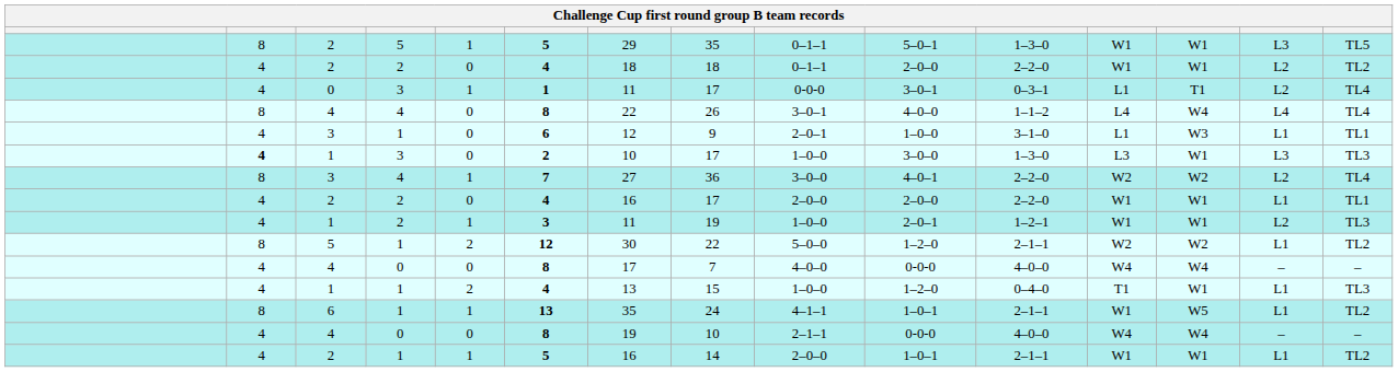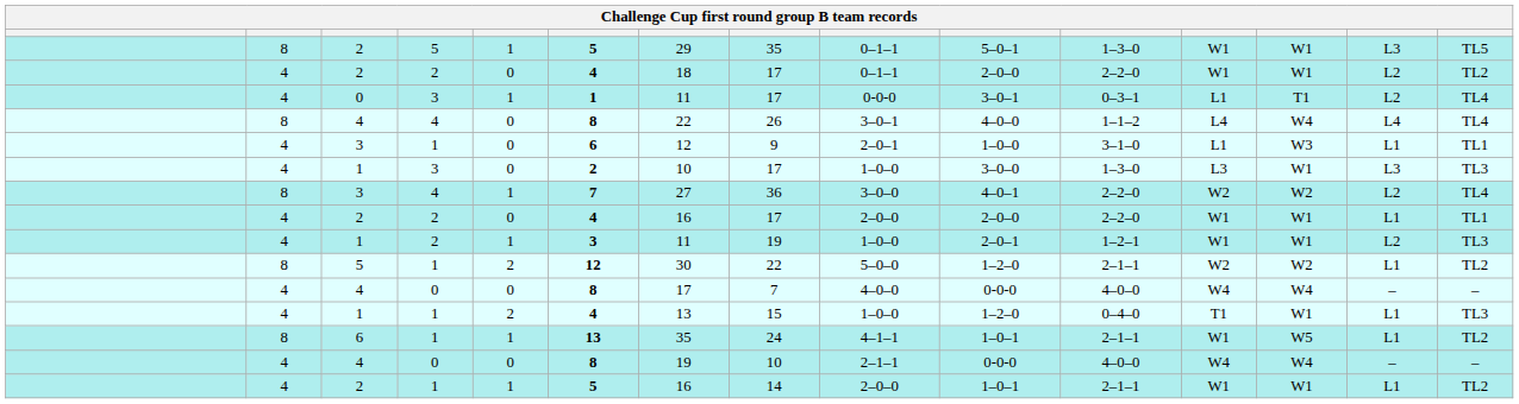 <table class="wikitable collapsible collapsed" style="width: 100%">
 <tr>
 <th colspan=15>Challenge Cup first round group B team records</th>
 </tr>
 <tr>
 <th width="16%"></th>
 <th width="5%"></th>
 <th width="5%"></th>
 <th width="5%"></th>
 <th width="5%"></th>
 <th width="6%"></th>
 <th width="6%"></th>
 <th width="6%"></th>
 <th width="8%"></th>
 <th width="8%"></th>
 <th width="8%"></th>
 <th width="5%"></th>
 <th width="6%"></th>
 <th width="6%"></th>
 <th width="5%"></th>
 </tr>
 <tr align=center bgcolor="#afeeee">
 <td align=left></td>
 <td>8</td>
 <td>2</td>
 <td>5</td>
 <td>1</td>
 <td><strong>5</strong></td>
 <td>29</td>
 <td>35</td>
 <td>0–1–1</td>
 <td>5–0–1</td>
 <td>1–3–0</td>
 <td>W1</td>
 <td>W1</td>
 <td>L3</td>
 <td>TL5</td>
 </tr>
 <tr align=center bgcolor="#afeeee">
 <td align=left></td>
 <td>4</td>
 <td>2</td>
 <td>2</td>
 <td>0</td>
 <td><strong>4</strong></td>
 <td>18</td>
-<td>18</td>
+<td>17</td>
 <td>0–1–1</td>
 <td>2–0–0</td>
 <td>2–2–0</td>
 <td>W1</td>
 <td>W1</td>
 <td>L2</td>
 <td>TL2</td>
 </tr>
 <tr align=center bgcolor="#afeeee">
 <td align=left></td>
 <td>4</td>
 <td>0</td>
 <td>3</td>
 <td>1</td>
 <td><strong>1</strong></td>
 <td>11</td>
 <td>17</td>
 <td>0-0-0</td>
 <td>3–0–1</td>
 <td>0–3–1</td>
 <td>L1</td>
 <td>T1</td>
 <td>L2</td>
 <td>TL4</td>
 </tr>
 <tr align=center bgcolor="#e0ffff">
 <td align=left></td>
 <td>8</td>
 <td>4</td>
 <td>4</td>
 <td>0</td>
 <td><strong>8</strong></td>
 <td>22</td>
 <td>26</td>
 <td>3–0–1</td>
 <td>4–0–0</td>
 <td>1–1–2</td>
 <td>L4</td>
 <td>W4</td>
 <td>L4</td>
 <td>TL4</td>
 </tr>
 <tr align=center bgcolor="#e0ffff">
 <td align=left></td>
 <td>4</td>
 <td>3</td>
 <td>1</td>
 <td>0</td>
 <td><strong>6</strong></td>
 <td>12</td>
 <td>9</td>
 <td>2–0–1</td>
 <td>1–0–0</td>
 <td>3–1–0</td>
 <td>L1</td>
 <td>W3</td>
 <td>L1</td>
 <td>TL1</td>
 </tr>
 <tr align=center bgcolor="#e0ffff">
 <td align=left></td>
-<td><strong>4</strong></td>
+<td>4</td>
 <td>1</td>
 <td>3</td>
 <td>0</td>
 <td><strong>2</strong></td>
 <td>10</td>
 <td>17</td>
 <td>1–0–0</td>
 <td>3–0–0</td>
 <td>1–3–0</td>
 <td>L3</td>
 <td>W1</td>
 <td>L3</td>
 <td>TL3</td>
 </tr>
 <tr align=center bgcolor="#afeeee">
 <td align=left></td>
 <td>8</td>
 <td>3</td>
 <td>4</td>
 <td>1</td>
 <td><strong>7</strong></td>
 <td>27</td>
 <td>36</td>
 <td>3–0–0</td>
 <td>4–0–1</td>
 <td>2–2–0</td>
 <td>W2</td>
 <td>W2</td>
 <td>L2</td>
 <td>TL4</td>
 </tr>
 <tr align=center bgcolor="#afeeee">
 <td align=left></td>
 <td>4</td>
 <td>2</td>
 <td>2</td>
 <td>0</td>
 <td><strong>4</strong></td>
 <td>16</td>
 <td>17</td>
 <td>2–0–0</td>
 <td>2–0–0</td>
 <td>2–2–0</td>
 <td>W1</td>
 <td>W1</td>
 <td>L1</td>
 <td>TL1</td>
 </tr>
 <tr align=center bgcolor="#afeeee">
 <td align=left></td>
 <td>4</td>
 <td>1</td>
 <td>2</td>
 <td>1</td>
 <td><strong>3</strong></td>
 <td>11</td>
 <td>19</td>
 <td>1–0–0</td>
 <td>2–0–1</td>
 <td>1–2–1</td>
 <td>W1</td>
 <td>W1</td>
 <td>L2</td>
 <td>TL3</td>
 </tr>
 <tr align=center bgcolor="#e0ffff">
 <td align=left></td>
 <td>8</td>
 <td>5</td>
 <td>1</td>
 <td>2</td>
 <td><strong>12</strong></td>
 <td>30</td>
 <td>22</td>
 <td>5–0–0</td>
 <td>1–2–0</td>
 <td>2–1–1</td>
 <td>W2</td>
 <td>W2</td>
 <td>L1</td>
 <td>TL2</td>
 </tr>
 <tr align=center bgcolor="#e0ffff">
 <td align=left></td>
 <td>4</td>
 <td>4</td>
 <td>0</td>
 <td>0</td>
 <td><strong>8</strong></td>
 <td>17</td>
 <td>7</td>
 <td>4–0–0</td>
 <td>0-0-0</td>
 <td>4–0–0</td>
 <td>W4</td>
 <td>W4</td>
 <td>–</td>
 <td>–</td>
 </tr>
 <tr align=center bgcolor="#e0ffff">
 <td align=left></td>
 <td>4</td>
 <td>1</td>
 <td>1</td>
 <td>2</td>
 <td><strong>4</strong></td>
 <td>13</td>
 <td>15</td>
 <td>1–0–0</td>
 <td>1–2–0</td>
 <td>0–4–0</td>
 <td>T1</td>
 <td>W1</td>
 <td>L1</td>
 <td>TL3</td>
 </tr>
 <tr align=center bgcolor="#afeeee">
 <td align=left></td>
 <td>8</td>
 <td>6</td>
 <td>1</td>
 <td>1</td>
 <td><strong>13</strong></td>
 <td>35</td>
 <td>24</td>
 <td>4–1–1</td>
 <td>1–0–1</td>
 <td>2–1–1</td>
 <td>W1</td>
 <td>W5</td>
 <td>L1</td>
 <td>TL2</td>
 </tr>
 <tr align=center bgcolor="#afeeee">
 <td align=left></td>
 <td>4</td>
 <td>4</td>
 <td>0</td>
 <td>0</td>
 <td><strong>8</strong></td>
 <td>19</td>
 <td>10</td>
 <td>2–1–1</td>
 <td>0-0-0</td>
 <td>4–0–0</td>
 <td>W4</td>
 <td>W4</td>
 <td>–</td>
 <td>–</td>
 </tr>
 <tr align=center bgcolor="#afeeee">
 <td align=left></td>
 <td>4</td>
 <td>2</td>
 <td>1</td>
 <td>1</td>
 <td><strong>5</strong></td>
 <td>16</td>
 <td>14</td>
 <td>2–0–0</td>
 <td>1–0–1</td>
 <td>2–1–1</td>
 <td>W1</td>
 <td>W1</td>
 <td>L1</td>
 <td>TL2</td>
 </tr>
 </table>
